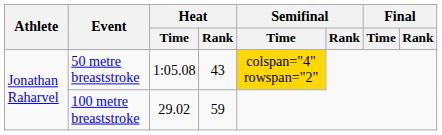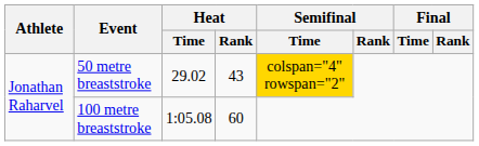 <table class="wikitable" style="text-align:center; font-size:90%; width:50%;">
 <tr>
 <th rowspan="2">Athlete</th>
 <th rowspan="2">Event</th>
 <th colspan="2">Heat</th>
 <th colspan="2">Semifinal</th>
 <th colspan="2">Final</th>
 </tr>
 <tr style="font-size:95%">
 <th>Time</th>
 <th>Rank</th>
 <th>Time</th>
 <th>Rank</th>
 <th>Time</th>
 <th>Rank</th>
 </tr>
 <tr align=center>
 <td align=left rowspan="2"><a href='#'>Jonathan Raharvel</a></td>
 <td align=left><a href='#'>50 metre breaststroke</a></td>
-<td>1:05.08</td>
+<td>29.02</td>
 <td>43</td>
 <td style="background: gold;">colspan="4" rowspan="2"</td>
 </tr>
 <tr align=center>
 <td align=left><a href='#'>100 metre breaststroke</a></td>
-<td>29.02</td>
-<td>59</td>
+<td>1:05.08</td>
+<td>60</td>
 </tr>
 </table>
